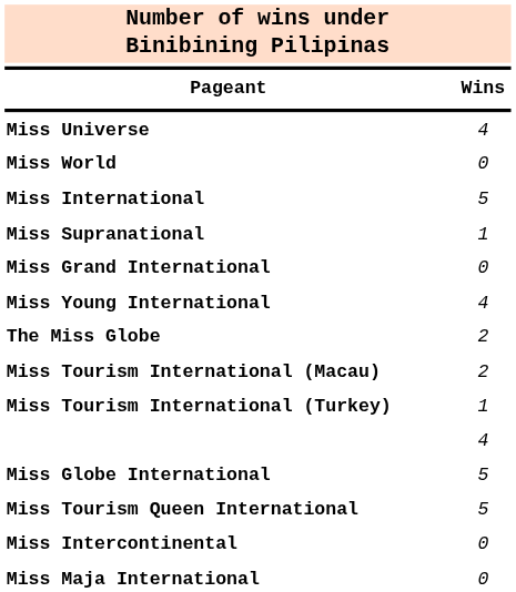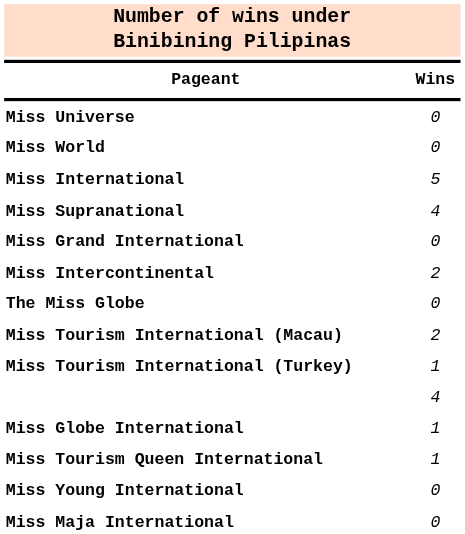 <table class="toccolours" style="width: 20em; font-size:80%; line-height:1.5em; width:23%;">
 <tr>
 <th colspan="2" align="center" style="background:#FFDDCA;"><big>Number of wins under<br>Binibining Pilipinas</big></th>
 </tr>
 <tr>
 <td colspan="2" style="background:black"></td>
 </tr>
 <tr>
 <th scope="col">Pageant</th>
 <th scope="col">Wins</th>
 </tr>
 <tr>
 <td colspan="2" style="background:black"></td>
 </tr>
 <tr>
 <td align="left"><strong>Miss Universe</strong></td>
-<td align="center"><em>4</em></td>
+<td align="center"><em>0</em></td>
 </tr>
 <tr>
 <td align="left"><strong>Miss World</strong></td>
 <td align="center"><em>0</em></td>
 </tr>
 <tr>
 <td align="left"><strong>Miss International</strong></td>
 <td align="center"><em>5</em></td>
 </tr>
 <tr>
 <td align="left"><strong>Miss Supranational</strong></td>
-<td align="center"><em>1</em></td>
+<td align="center"><em>4</em></td>
 </tr>
 <tr>
 <td align="left"><strong>Miss Grand International</strong></td>
 <td align="center"><em>0</em></td>
 </tr>
 <tr>
-<td align="left"><strong>Miss Young International</strong></td>
-<td align="center"><em>4</em></td>
+<td align="left"><strong>Miss Intercontinental</strong></td>
+<td align="center"><em>2</em></td>
 </tr>
 <tr>
 <td align="left"><strong>The Miss Globe</strong></td>
-<td align="center"><em>2</em></td>
+<td align="center"><em>0</em></td>
 </tr>
 <tr>
 <td align="left"><strong>Miss Tourism International (Macau)</strong></td>
 <td align="center"><em>2</em></td>
 </tr>
 <tr>
 <td align="left"><strong>Miss Tourism International (Turkey)</strong></td>
 <td align="center"><em>1</em></td>
 </tr>
 <tr>
 <td align="left"><strong></strong></td>
 <td align="center"><em>4</em></td>
 </tr>
 <tr>
 <td align="left"><strong>Miss Globe International</strong></td>
-<td align="center"><em>5</em></td>
+<td align="center"><em>1</em></td>
 </tr>
 <tr>
 <td align="left"><strong>Miss Tourism Queen International</strong></td>
-<td align="center"><em>5</em></td>
+<td align="center"><em>1</em></td>
 </tr>
 <tr>
-<td align="left"><strong>Miss Intercontinental</strong></td>
+<td align="left"><strong>Miss Young International</strong></td>
 <td align="center"><em>0</em></td>
 </tr>
 <tr>
 <td align="left"><strong>Miss Maja International</strong></td>
 <td align="center"><em>0</em></td>
 </tr>
 <tr>
 </tr>
 </table>
